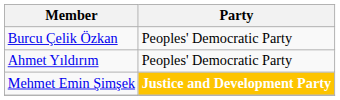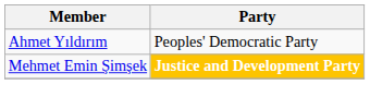 <table class="wikitable">
 <tr>
 <th>Member</th>
 <th>Party</th>
-</tr>
-<tr>
-<td><a href='#'>Burcu Çelik Özkan</a></td>
-<td style="background:">Peoples' Democratic Party</td>
 </tr>
 <tr>
 <td><a href='#'>Ahmet Yıldırım</a></td>
 <td style="background:">Peoples' Democratic Party</td>
 </tr>
 <tr>
 <td><a href='#'>Mehmet Emin Şimşek</a></td>
 <td style="background:#FDC400; color:white"><strong>Justice and Development Party</strong></td>
 </tr>
 <tr>
 </tr>
 </table>
